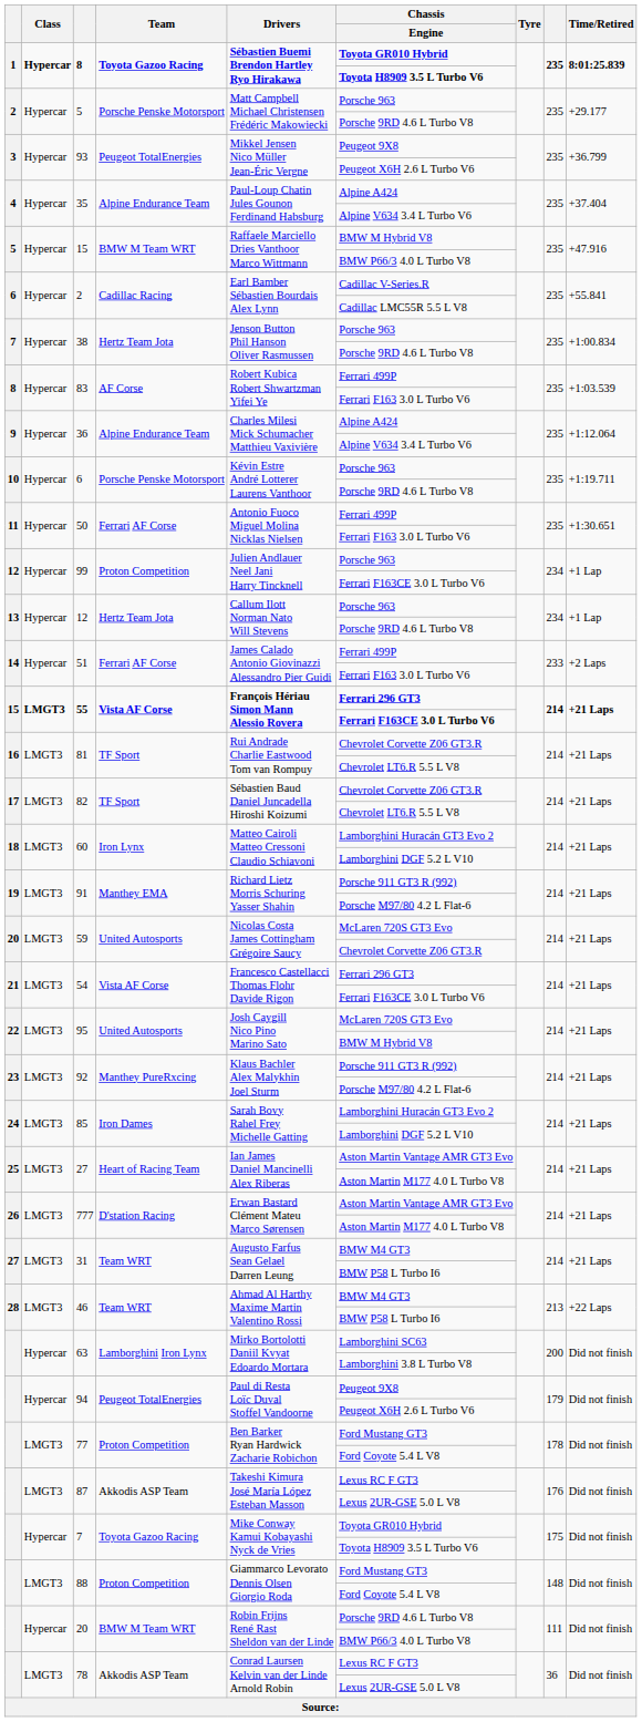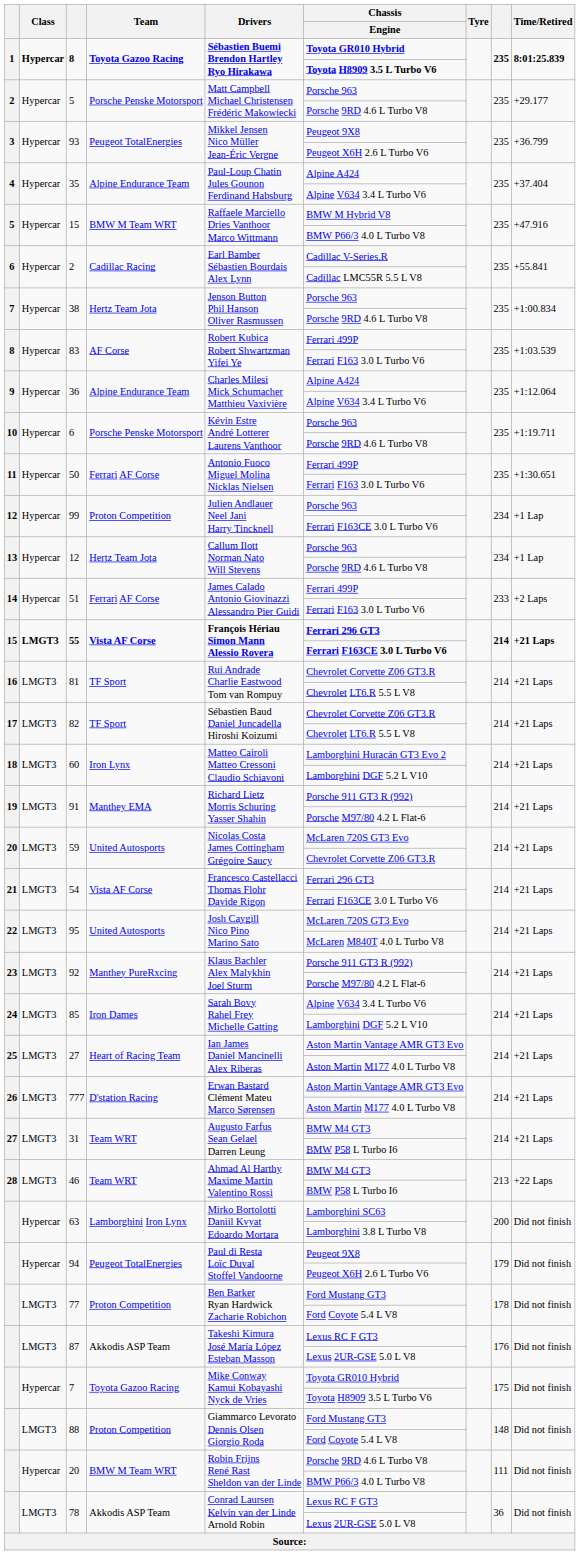 <table class="wikitable" style="font-size:95%;">
 <tr>
 <th rowspan=2></th>
 <th rowspan=2>Class</th>
 <th rowspan=2></th>
 <th rowspan=2>Team</th>
 <th rowspan=2>Drivers</th>
 <th>Chassis</th>
 <th rowspan=2>Tyre</th>
 <th rowspan=2></th>
 <th rowspan=2>Time/Retired</th>
 </tr>
 <tr>
 <th>Engine</th>
 </tr>
 <tr style="font-weight:bold;">
 <th rowspan=2>1</th>
 <td rowspan=2>Hypercar</td>
 <td rowspan=2>8</td>
 <td rowspan=2> <a href='#'>Toyota Gazoo Racing</a></td>
 <td rowspan=2> <a href='#'>Sébastien Buemi</a><br> <a href='#'>Brendon Hartley</a><br> <a href='#'>Ryo Hirakawa</a></td>
 <td><a href='#'>Toyota GR010 Hybrid</a></td>
 <td rowspan=2></td>
 <td rowspan=2>235</td>
 <td rowspan=2>8:01:25.839</td>
 </tr>
 <tr style="font-weight:bold;">
 <td><a href='#'>Toyota</a> <a href='#'>H8909</a> 3.5 L Turbo V6</td>
 </tr>
 <tr>
 <th rowspan=2>2</th>
 <td rowspan=2>Hypercar</td>
 <td rowspan=2>5</td>
 <td rowspan=2> <a href='#'>Porsche Penske Motorsport</a></td>
 <td rowspan=2> <a href='#'>Matt Campbell</a><br> <a href='#'>Michael Christensen</a><br> <a href='#'>Frédéric Makowiecki</a></td>
 <td><a href='#'>Porsche 963</a></td>
 <td rowspan=2></td>
 <td rowspan=2>235</td>
 <td rowspan=2>+29.177</td>
 </tr>
 <tr>
 <td><a href='#'>Porsche</a> <a href='#'>9RD</a> 4.6 L Turbo V8</td>
 </tr>
 <tr>
 <th rowspan=2>3</th>
 <td rowspan=2>Hypercar</td>
 <td rowspan=2>93</td>
 <td rowspan=2> <a href='#'>Peugeot TotalEnergies</a></td>
 <td rowspan=2> <a href='#'>Mikkel Jensen</a><br> <a href='#'>Nico Müller</a><br> <a href='#'>Jean-Éric Vergne</a></td>
 <td><a href='#'>Peugeot 9X8</a></td>
 <td rowspan=2></td>
 <td rowspan=2>235</td>
 <td rowspan=2>+36.799</td>
 </tr>
 <tr>
 <td><a href='#'>Peugeot X6H</a> 2.6 L Turbo V6</td>
 </tr>
 <tr>
 <th rowspan=2>4</th>
 <td rowspan=2>Hypercar</td>
 <td rowspan=2>35</td>
 <td rowspan=2> <a href='#'>Alpine Endurance Team</a></td>
 <td rowspan=2> <a href='#'>Paul-Loup Chatin</a><br> <a href='#'>Jules Gounon</a><br> <a href='#'>Ferdinand Habsburg</a></td>
 <td><a href='#'>Alpine A424</a></td>
 <td rowspan=2></td>
 <td rowspan=2>235</td>
 <td rowspan=2>+37.404</td>
 </tr>
 <tr>
 <td><a href='#'>Alpine</a> <a href='#'>V634</a> 3.4 L Turbo V6</td>
 </tr>
 <tr>
 <th rowspan=2>5</th>
 <td rowspan=2>Hypercar</td>
 <td rowspan=2>15</td>
 <td rowspan=2> <a href='#'>BMW M Team WRT</a></td>
 <td rowspan=2> <a href='#'>Raffaele Marciello</a><br> <a href='#'>Dries Vanthoor</a><br> <a href='#'>Marco Wittmann</a></td>
 <td><a href='#'>BMW M Hybrid V8</a></td>
 <td rowspan=2></td>
 <td rowspan=2>235</td>
 <td rowspan=2>+47.916</td>
 </tr>
 <tr>
 <td><a href='#'>BMW P66/3</a> 4.0 L Turbo V8</td>
 </tr>
 <tr>
 <th rowspan=2>6</th>
 <td rowspan=2>Hypercar</td>
 <td rowspan=2>2</td>
 <td rowspan=2> <a href='#'>Cadillac Racing</a></td>
 <td rowspan=2> <a href='#'>Earl Bamber</a><br> <a href='#'>Sébastien Bourdais</a><br> <a href='#'>Alex Lynn</a></td>
 <td><a href='#'>Cadillac V-Series.R</a></td>
 <td rowspan=2></td>
 <td rowspan=2>235</td>
 <td rowspan=2>+55.841</td>
 </tr>
 <tr>
 <td><a href='#'>Cadillac</a> LMC55R 5.5 L V8</td>
 </tr>
 <tr>
 <th rowspan=2>7</th>
 <td rowspan=2>Hypercar</td>
 <td rowspan=2>38</td>
 <td rowspan=2> <a href='#'>Hertz Team Jota</a></td>
 <td rowspan=2> <a href='#'>Jenson Button</a><br> <a href='#'>Phil Hanson</a><br> <a href='#'>Oliver Rasmussen</a></td>
 <td><a href='#'>Porsche 963</a></td>
 <td rowspan=2></td>
 <td rowspan=2>235</td>
 <td rowspan=2>+1:00.834</td>
 </tr>
 <tr>
 <td><a href='#'>Porsche</a> <a href='#'>9RD</a> 4.6 L Turbo V8</td>
 </tr>
 <tr>
 <th rowspan=2>8</th>
 <td rowspan=2>Hypercar</td>
 <td rowspan=2>83</td>
 <td rowspan=2> <a href='#'>AF Corse</a></td>
 <td rowspan=2> <a href='#'>Robert Kubica</a><br> <a href='#'>Robert Shwartzman</a><br> <a href='#'>Yifei Ye</a></td>
 <td><a href='#'>Ferrari 499P</a></td>
 <td rowspan=2></td>
 <td rowspan=2>235</td>
 <td rowspan=2>+1:03.539</td>
 </tr>
 <tr>
 <td><a href='#'>Ferrari</a> <a href='#'>F163</a> 3.0 L Turbo V6</td>
 </tr>
 <tr>
 <th rowspan=2>9</th>
 <td rowspan=2>Hypercar</td>
 <td rowspan=2>36</td>
 <td rowspan=2> <a href='#'>Alpine Endurance Team</a></td>
 <td rowspan=2> <a href='#'>Charles Milesi</a><br> <a href='#'>Mick Schumacher</a><br> <a href='#'>Matthieu Vaxivière</a></td>
 <td><a href='#'>Alpine A424</a></td>
 <td rowspan=2></td>
 <td rowspan=2>235</td>
 <td rowspan=2>+1:12.064</td>
 </tr>
 <tr>
 <td><a href='#'>Alpine</a> <a href='#'>V634</a> 3.4 L Turbo V6</td>
 </tr>
 <tr>
 <th rowspan=2>10</th>
 <td rowspan=2>Hypercar</td>
 <td rowspan=2>6</td>
 <td rowspan=2> <a href='#'>Porsche Penske Motorsport</a></td>
 <td rowspan=2> <a href='#'>Kévin Estre</a><br> <a href='#'>André Lotterer</a><br> <a href='#'>Laurens Vanthoor</a></td>
 <td><a href='#'>Porsche 963</a></td>
 <td rowspan=2></td>
 <td rowspan=2>235</td>
 <td rowspan=2>+1:19.711</td>
 </tr>
 <tr>
 <td><a href='#'>Porsche</a> <a href='#'>9RD</a> 4.6 L Turbo V8</td>
 </tr>
 <tr>
 <th rowspan=2>11</th>
 <td rowspan=2>Hypercar</td>
 <td rowspan=2>50</td>
 <td rowspan=2> <a href='#'>Ferrari</a> <a href='#'>AF Corse</a></td>
 <td rowspan=2> <a href='#'>Antonio Fuoco</a><br> <a href='#'>Miguel Molina</a><br> <a href='#'>Nicklas Nielsen</a></td>
 <td><a href='#'>Ferrari 499P</a></td>
 <td rowspan=2></td>
 <td rowspan=2>235</td>
 <td rowspan=2>+1:30.651</td>
 </tr>
 <tr>
 <td><a href='#'>Ferrari</a> <a href='#'>F163</a> 3.0 L Turbo V6</td>
 </tr>
 <tr>
 <th rowspan=2>12</th>
 <td rowspan=2>Hypercar</td>
 <td rowspan=2>99</td>
 <td rowspan=2> <a href='#'>Proton Competition</a></td>
 <td rowspan=2> <a href='#'>Julien Andlauer</a><br> <a href='#'>Neel Jani</a><br> <a href='#'>Harry Tincknell</a></td>
 <td><a href='#'>Porsche 963</a></td>
 <td rowspan=2></td>
 <td rowspan=2>234</td>
 <td rowspan=2>+1 Lap</td>
 </tr>
 <tr>
 <td><a href='#'>Ferrari</a> <a href='#'>F163CE</a> 3.0 L Turbo V6</td>
 </tr>
 <tr>
 <th rowspan=2>13</th>
 <td rowspan=2>Hypercar</td>
 <td rowspan=2>12</td>
 <td rowspan=2> <a href='#'>Hertz Team Jota</a></td>
 <td rowspan=2> <a href='#'>Callum Ilott</a><br> <a href='#'>Norman Nato</a><br> <a href='#'>Will Stevens</a></td>
 <td><a href='#'>Porsche 963</a></td>
 <td rowspan=2></td>
 <td rowspan=2>234</td>
 <td rowspan=2>+1 Lap</td>
 </tr>
 <tr>
 <td><a href='#'>Porsche</a> <a href='#'>9RD</a> 4.6 L Turbo V8</td>
 </tr>
 <tr>
 <th rowspan=2>14</th>
 <td rowspan=2>Hypercar</td>
 <td rowspan=2>51</td>
 <td rowspan=2> <a href='#'>Ferrari</a> <a href='#'>AF Corse</a></td>
 <td rowspan=2> <a href='#'>James Calado</a><br> <a href='#'>Antonio Giovinazzi</a><br> <a href='#'>Alessandro Pier Guidi</a></td>
 <td><a href='#'>Ferrari 499P</a></td>
 <td rowspan=2></td>
 <td rowspan=2>233</td>
 <td rowspan=2>+2 Laps</td>
 </tr>
 <tr>
 <td><a href='#'>Ferrari</a> <a href='#'>F163</a> 3.0 L Turbo V6</td>
 </tr>
 <tr style="font-weight:bold;">
 <th rowspan=2>15</th>
 <td rowspan=2>LMGT3</td>
 <td rowspan=2>55</td>
 <td rowspan=2> <a href='#'>Vista AF Corse</a></td>
 <td rowspan=2> François Hériau<br> <a href='#'>Simon Mann</a><br> <a href='#'>Alessio Rovera</a></td>
 <td><a href='#'>Ferrari 296 GT3</a></td>
 <td rowspan=2></td>
 <td rowspan=2>214</td>
 <td rowspan=2>+21 Laps</td>
 </tr>
 <tr style="font-weight:bold;">
 <td><a href='#'>Ferrari</a> <a href='#'>F163CE</a> 3.0 L Turbo V6</td>
 </tr>
 <tr>
 <th rowspan=2>16</th>
 <td rowspan=2>LMGT3</td>
 <td rowspan=2>81</td>
 <td rowspan=2> <a href='#'>TF Sport</a></td>
 <td rowspan=2> <a href='#'>Rui Andrade</a><br> <a href='#'>Charlie Eastwood</a><br> Tom van Rompuy</td>
 <td><a href='#'>Chevrolet Corvette Z06 GT3.R</a></td>
 <td rowspan=2></td>
 <td rowspan=2>214</td>
 <td rowspan=2>+21 Laps</td>
 </tr>
 <tr>
 <td><a href='#'>Chevrolet</a> <a href='#'>LT6.R</a> 5.5 L V8</td>
 </tr>
 <tr>
 <th rowspan=2>17</th>
 <td rowspan=2>LMGT3</td>
 <td rowspan=2>82</td>
 <td rowspan=2> <a href='#'>TF Sport</a></td>
 <td rowspan=2> Sébastien Baud<br> <a href='#'>Daniel Juncadella</a><br> Hiroshi Koizumi</td>
 <td><a href='#'>Chevrolet Corvette Z06 GT3.R</a></td>
 <td rowspan=2></td>
 <td rowspan=2>214</td>
 <td rowspan=2>+21 Laps</td>
 </tr>
 <tr>
 <td><a href='#'>Chevrolet</a> <a href='#'>LT6.R</a> 5.5 L V8</td>
 </tr>
 <tr>
 <th rowspan=2>18</th>
 <td rowspan=2>LMGT3</td>
 <td rowspan=2>60</td>
 <td rowspan=2> <a href='#'>Iron Lynx</a></td>
 <td rowspan=2> <a href='#'>Matteo Cairoli</a><br> <a href='#'>Matteo Cressoni</a><br> <a href='#'>Claudio Schiavoni</a></td>
 <td><a href='#'>Lamborghini Huracán GT3 Evo 2</a></td>
 <td rowspan=2></td>
 <td rowspan=2>214</td>
 <td rowspan=2>+21 Laps</td>
 </tr>
 <tr>
 <td><a href='#'>Lamborghini</a> <a href='#'>DGF</a> 5.2 L V10</td>
 </tr>
 <tr>
 <th rowspan=2>19</th>
 <td rowspan=2>LMGT3</td>
 <td rowspan=2>91</td>
 <td rowspan=2> <a href='#'>Manthey EMA</a></td>
 <td rowspan=2> <a href='#'>Richard Lietz</a><br> <a href='#'>Morris Schuring</a><br> <a href='#'>Yasser Shahin</a></td>
 <td><a href='#'>Porsche 911 GT3 R (992)</a></td>
 <td rowspan=2></td>
 <td rowspan=2>214</td>
 <td rowspan=2>+21 Laps</td>
 </tr>
 <tr>
 <td><a href='#'>Porsche</a> <a href='#'>M97/80</a> 4.2 L Flat-6</td>
 </tr>
 <tr>
 <th rowspan=2>20</th>
 <td rowspan=2>LMGT3</td>
 <td rowspan=2>59</td>
 <td rowspan=2> <a href='#'>United Autosports</a></td>
 <td rowspan=2> <a href='#'>Nicolas Costa</a><br> <a href='#'>James Cottingham</a><br> <a href='#'>Grégoire Saucy</a></td>
 <td><a href='#'>McLaren 720S GT3 Evo</a></td>
 <td rowspan=2></td>
 <td rowspan=2>214</td>
 <td rowspan=2>+21 Laps</td>
 </tr>
 <tr>
 <td><a href='#'>Chevrolet Corvette Z06 GT3.R</a></td>
 </tr>
 <tr>
 <th rowspan=2>21</th>
 <td rowspan=2>LMGT3</td>
 <td rowspan=2>54</td>
 <td rowspan=2> <a href='#'>Vista AF Corse</a></td>
 <td rowspan=2> <a href='#'>Francesco Castellacci</a><br> <a href='#'>Thomas Flohr</a><br> <a href='#'>Davide Rigon</a></td>
 <td><a href='#'>Ferrari 296 GT3</a></td>
 <td rowspan=2></td>
 <td rowspan=2>214</td>
 <td rowspan=2>+21 Laps</td>
 </tr>
 <tr>
 <td><a href='#'>Ferrari</a> <a href='#'>F163CE</a> 3.0 L Turbo V6</td>
 </tr>
 <tr>
 <th rowspan=2>22</th>
 <td rowspan=2>LMGT3</td>
 <td rowspan=2>95</td>
 <td rowspan=2> <a href='#'>United Autosports</a></td>
 <td rowspan=2> <a href='#'>Josh Caygill</a><br> <a href='#'>Nico Pino</a><br> <a href='#'>Marino Sato</a></td>
 <td><a href='#'>McLaren 720S GT3 Evo</a></td>
 <td rowspan=2></td>
 <td rowspan=2>214</td>
 <td rowspan=2>+21 Laps</td>
 </tr>
 <tr>
-<td><a href='#'>BMW M Hybrid V8</a></td>
+<td><a href='#'>McLaren</a> <a href='#'>M840T</a> 4.0 L Turbo V8</td>
 </tr>
 <tr>
 <th rowspan=2>23</th>
 <td rowspan=2>LMGT3</td>
 <td rowspan=2>92</td>
 <td rowspan=2> <a href='#'>Manthey PureRxcing</a></td>
 <td rowspan=2> <a href='#'>Klaus Bachler</a><br> <a href='#'>Alex Malykhin</a><br> <a href='#'>Joel Sturm</a></td>
 <td><a href='#'>Porsche 911 GT3 R (992)</a></td>
 <td rowspan=2></td>
 <td rowspan=2>214</td>
 <td rowspan=2>+21 Laps</td>
 </tr>
 <tr>
 <td><a href='#'>Porsche</a> <a href='#'>M97/80</a> 4.2 L Flat-6</td>
 </tr>
 <tr>
 <th rowspan=2>24</th>
 <td rowspan=2>LMGT3</td>
 <td rowspan=2>85</td>
 <td rowspan=2> <a href='#'>Iron Dames</a></td>
 <td rowspan=2> <a href='#'>Sarah Bovy</a><br> <a href='#'>Rahel Frey</a><br> <a href='#'>Michelle Gatting</a></td>
-<td><a href='#'>Lamborghini Huracán GT3 Evo 2</a></td>
+<td><a href='#'>Alpine</a> <a href='#'>V634</a> 3.4 L Turbo V6</td>
 <td rowspan=2></td>
 <td rowspan=2>214</td>
 <td rowspan=2>+21 Laps</td>
 </tr>
 <tr>
 <td><a href='#'>Lamborghini</a> <a href='#'>DGF</a> 5.2 L V10</td>
 </tr>
 <tr>
 <th rowspan=2>25</th>
 <td rowspan=2>LMGT3</td>
 <td rowspan=2>27</td>
 <td rowspan=2> <a href='#'>Heart of Racing Team</a></td>
 <td rowspan=2> <a href='#'>Ian James</a><br> <a href='#'>Daniel Mancinelli</a><br> <a href='#'>Alex Riberas</a></td>
 <td><a href='#'>Aston Martin Vantage AMR GT3 Evo</a></td>
 <td rowspan=2></td>
 <td rowspan=2>214</td>
 <td rowspan=2>+21 Laps</td>
 </tr>
 <tr>
 <td><a href='#'>Aston Martin</a> <a href='#'>M177</a> 4.0 L Turbo V8</td>
 </tr>
 <tr>
 <th rowspan=2>26</th>
 <td rowspan=2>LMGT3</td>
 <td rowspan=2>777</td>
 <td rowspan=2> <a href='#'>D'station Racing</a></td>
 <td rowspan=2> <a href='#'>Erwan Bastard</a><br> Clément Mateu<br> <a href='#'>Marco Sørensen</a></td>
 <td><a href='#'>Aston Martin Vantage AMR GT3 Evo</a></td>
 <td rowspan=2></td>
 <td rowspan=2>214</td>
 <td rowspan=2>+21 Laps</td>
 </tr>
 <tr>
 <td><a href='#'>Aston Martin</a> <a href='#'>M177</a> 4.0 L Turbo V8</td>
 </tr>
 <tr>
 <th rowspan=2>27</th>
 <td rowspan=2>LMGT3</td>
 <td rowspan=2>31</td>
 <td rowspan=2> <a href='#'>Team WRT</a></td>
 <td rowspan=2> <a href='#'>Augusto Farfus</a><br> <a href='#'>Sean Gelael</a><br> Darren Leung</td>
 <td><a href='#'>BMW M4 GT3</a></td>
 <td rowspan=2></td>
 <td rowspan=2>214</td>
 <td rowspan=2>+21 Laps</td>
 </tr>
 <tr>
 <td><a href='#'>BMW</a> <a href='#'>P58</a> L Turbo I6</td>
 </tr>
 <tr>
 <th rowspan=2>28</th>
 <td rowspan=2>LMGT3</td>
 <td rowspan=2>46</td>
 <td rowspan=2> <a href='#'>Team WRT</a></td>
 <td rowspan=2> <a href='#'>Ahmad Al Harthy</a><br> <a href='#'>Maxime Martin</a><br> <a href='#'>Valentino Rossi</a></td>
 <td><a href='#'>BMW M4 GT3</a></td>
 <td rowspan=2></td>
 <td rowspan=2>213</td>
 <td rowspan=2>+22 Laps</td>
 </tr>
 <tr>
 <td><a href='#'>BMW</a> <a href='#'>P58</a> L Turbo I6</td>
 </tr>
 <tr>
 <th rowspan=2></th>
 <td rowspan=2>Hypercar</td>
 <td rowspan=2>63</td>
 <td rowspan=2> <a href='#'>Lamborghini</a> <a href='#'>Iron Lynx</a></td>
 <td rowspan=2> <a href='#'>Mirko Bortolotti</a><br> <a href='#'>Daniil Kvyat</a><br> <a href='#'>Edoardo Mortara</a></td>
 <td><a href='#'>Lamborghini SC63</a></td>
 <td rowspan=2></td>
 <td rowspan=2>200</td>
 <td rowspan=2>Did not finish</td>
 </tr>
 <tr>
 <td><a href='#'>Lamborghini</a> 3.8 L Turbo V8</td>
 </tr>
 <tr>
 <th rowspan=2></th>
 <td rowspan=2>Hypercar</td>
 <td rowspan=2>94</td>
 <td rowspan=2> <a href='#'>Peugeot TotalEnergies</a></td>
 <td rowspan=2> <a href='#'>Paul di Resta</a><br> <a href='#'>Loïc Duval</a><br> <a href='#'>Stoffel Vandoorne</a></td>
 <td><a href='#'>Peugeot 9X8</a></td>
 <td rowspan=2></td>
 <td rowspan=2>179</td>
 <td rowspan=2>Did not finish</td>
 </tr>
 <tr>
 <td><a href='#'>Peugeot X6H</a> 2.6 L Turbo V6</td>
 </tr>
 <tr>
 <th rowspan=2></th>
 <td rowspan=2>LMGT3</td>
 <td rowspan=2>77</td>
 <td rowspan=2> <a href='#'>Proton Competition</a></td>
 <td rowspan=2> <a href='#'>Ben Barker</a><br> Ryan Hardwick<br> <a href='#'>Zacharie Robichon</a></td>
 <td><a href='#'>Ford Mustang GT3</a></td>
 <td rowspan=2></td>
 <td rowspan=2>178</td>
 <td rowspan=2>Did not finish</td>
 </tr>
 <tr>
 <td><a href='#'>Ford</a> <a href='#'>Coyote</a> 5.4 L V8</td>
 </tr>
 <tr>
 <th rowspan=2></th>
 <td rowspan=2>LMGT3</td>
 <td rowspan=2>87</td>
 <td rowspan=2> Akkodis ASP Team</td>
 <td rowspan=2> <a href='#'>Takeshi Kimura</a><br> <a href='#'>José María López</a><br> <a href='#'>Esteban Masson</a></td>
 <td><a href='#'>Lexus RC F GT3</a></td>
 <td rowspan=2></td>
 <td rowspan=2>176</td>
 <td rowspan=2>Did not finish</td>
 </tr>
 <tr>
 <td><a href='#'>Lexus</a> <a href='#'>2UR-GSE</a> 5.0 L V8</td>
 </tr>
 <tr>
 <th rowspan=2></th>
 <td rowspan=2>Hypercar</td>
 <td rowspan=2>7</td>
 <td rowspan=2> <a href='#'>Toyota Gazoo Racing</a></td>
 <td rowspan=2> <a href='#'>Mike Conway</a><br> <a href='#'>Kamui Kobayashi</a><br> <a href='#'>Nyck de Vries</a></td>
 <td><a href='#'>Toyota GR010 Hybrid</a></td>
 <td rowspan=2></td>
 <td rowspan=2>175</td>
 <td rowspan=2>Did not finish</td>
 </tr>
 <tr>
 <td><a href='#'>Toyota</a> <a href='#'>H8909</a> 3.5 L Turbo V6</td>
 </tr>
 <tr>
 <th rowspan=2></th>
 <td rowspan=2>LMGT3</td>
 <td rowspan=2>88</td>
 <td rowspan=2> <a href='#'>Proton Competition</a></td>
 <td rowspan=2> Giammarco Levorato<br> <a href='#'>Dennis Olsen</a><br> <a href='#'>Giorgio Roda</a></td>
 <td><a href='#'>Ford Mustang GT3</a></td>
 <td rowspan=2></td>
 <td rowspan=2>148</td>
 <td rowspan=2>Did not finish</td>
 </tr>
 <tr>
 <td><a href='#'>Ford</a> <a href='#'>Coyote</a> 5.4 L V8</td>
 </tr>
 <tr>
 <th rowspan=2></th>
 <td rowspan=2>Hypercar</td>
 <td rowspan=2>20</td>
 <td rowspan=2> <a href='#'>BMW M Team WRT</a></td>
 <td rowspan=2> <a href='#'>Robin Frijns</a><br> <a href='#'>René Rast</a><br> <a href='#'>Sheldon van der Linde</a></td>
 <td><a href='#'>Porsche</a> <a href='#'>9RD</a> 4.6 L Turbo V8</td>
 <td rowspan=2></td>
 <td rowspan=2>111</td>
 <td rowspan=2>Did not finish</td>
 </tr>
 <tr>
 <td><a href='#'>BMW P66/3</a> 4.0 L Turbo V8</td>
 </tr>
 <tr>
 <th rowspan=2></th>
 <td rowspan=2>LMGT3</td>
 <td rowspan=2>78</td>
 <td rowspan=2> Akkodis ASP Team</td>
 <td rowspan=2> <a href='#'>Conrad Laursen</a><br> <a href='#'>Kelvin van der Linde</a><br> Arnold Robin</td>
 <td><a href='#'>Lexus RC F GT3</a></td>
 <td rowspan=2></td>
 <td rowspan=2>36</td>
 <td rowspan=2>Did not finish</td>
 </tr>
 <tr>
 <td><a href='#'>Lexus</a> <a href='#'>2UR-GSE</a> 5.0 L V8</td>
 </tr>
 <tr>
 <th colspan="9">Source:</th>
 </tr>
 </table>
